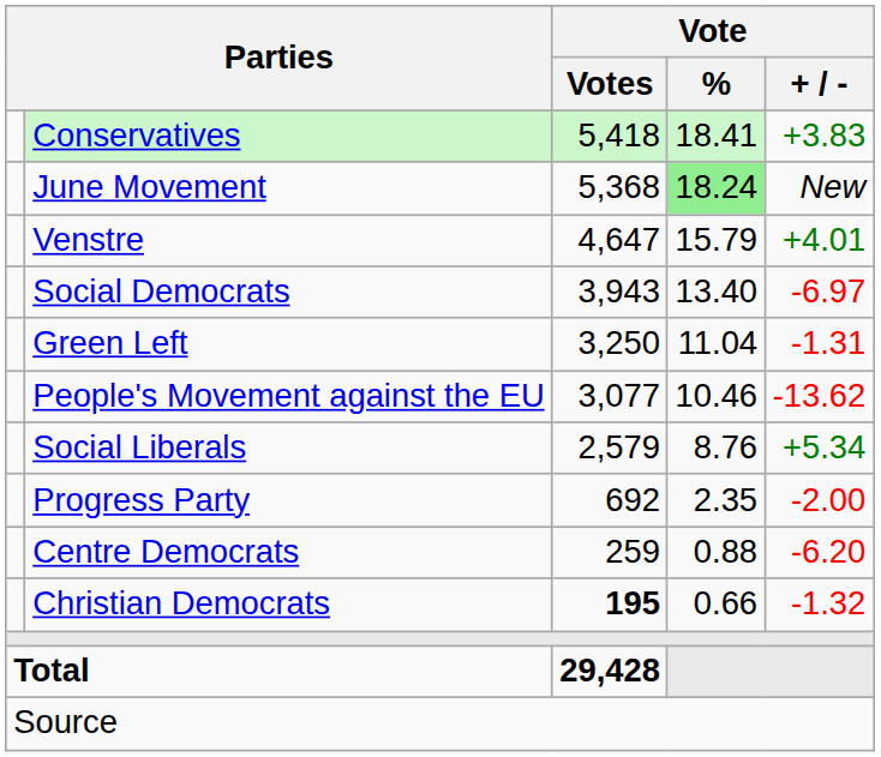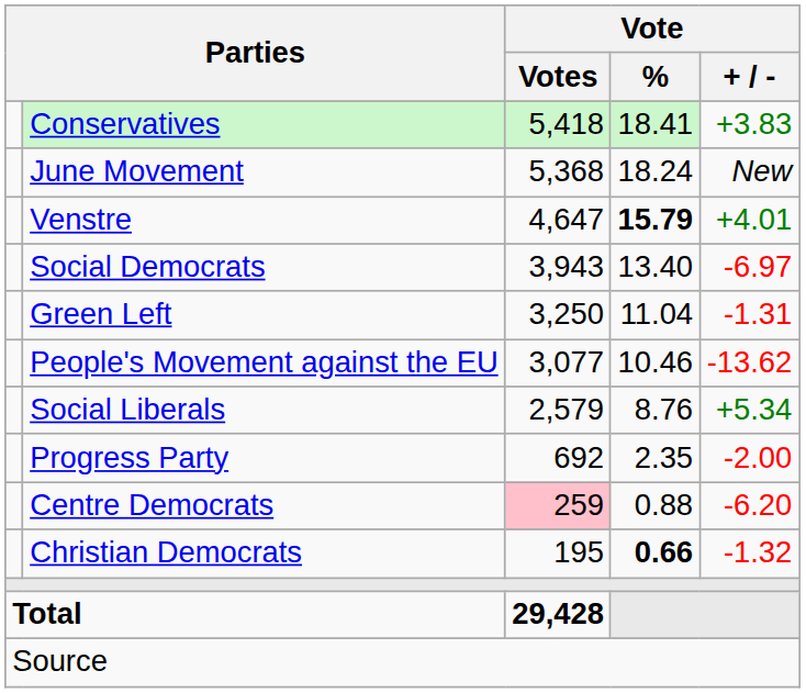 <table class="wikitable" style="text-align:right;">
 <tr>
 <th style="text-align:centre;" rowspan="2" colspan="2" width="225">Parties</th>
 <th colspan="3">Vote</th>
 </tr>
 <tr>
 <th width="15">Votes</th>
 <th width="15">%</th>
 <th width="15">+ / -</th>
 </tr>
 <tr>
 <td width="2" style="color:inherit;background:"></td>
 <td bgcolor=#ccf7cc   align="left"><a href='#'>Conservatives</a></td>
 <td bgcolor=#ccf7cc>5,418</td>
 <td bgcolor=#ccf7cc>18.41</td>
 <td style=color:green;>+3.83</td>
 </tr>
 <tr>
 <td width="2" style="color:inherit;background:"></td>
 <td align="left"><a href='#'>June Movement</a></td>
 <td>5,368</td>
-<td style="background: lightgreen;">18.24</td>
+<td>18.24</td>
 <td><em>New</em></td>
 </tr>
 <tr>
 <td width="2" style="color:inherit;background:"></td>
 <td align="left"><a href='#'>Venstre</a></td>
 <td>4,647</td>
-<td>15.79</td>
+<td><strong>15.79</strong></td>
 <td style=color:green;>+4.01</td>
 </tr>
 <tr>
 <td width="2" style="color:inherit;background:"></td>
 <td align="left"><a href='#'>Social Democrats</a></td>
 <td>3,943</td>
 <td>13.40</td>
 <td style=color:red;>-6.97</td>
 </tr>
 <tr>
 <td width="2" style="color:inherit;background:"></td>
 <td align="left"><a href='#'>Green Left</a></td>
 <td>3,250</td>
 <td>11.04</td>
 <td style=color:red;>-1.31</td>
 </tr>
 <tr>
 <td width="2" style="color:inherit;background:"></td>
 <td align="left"><a href='#'>People's Movement against the EU</a></td>
 <td>3,077</td>
 <td>10.46</td>
 <td style=color:red;>-13.62</td>
 </tr>
 <tr>
 <td width="2" style="color:inherit;background:"></td>
 <td align="left"><a href='#'>Social Liberals</a></td>
 <td>2,579</td>
 <td>8.76</td>
 <td style=color:green;>+5.34</td>
 </tr>
 <tr>
 <td width="2" style="color:inherit;background:"></td>
 <td align="left"><a href='#'>Progress Party</a></td>
 <td>692</td>
 <td>2.35</td>
 <td style=color:red;>-2.00</td>
 </tr>
 <tr>
 <td width="2" style="color:inherit;background:"></td>
 <td align="left"><a href='#'>Centre Democrats</a></td>
-<td>259</td>
+<td style="background: pink;">259</td>
 <td>0.88</td>
 <td style=color:red;>-6.20</td>
 </tr>
 <tr>
 <td width="2" style="color:inherit;background:"></td>
 <td align="left"><a href='#'>Christian Democrats</a></td>
-<td><strong>195</strong></td>
-<td>0.66</td>
+<td>195</td>
+<td><strong>0.66</strong></td>
 <td style=color:red;>-1.32</td>
 </tr>
 <tr>
 <td colspan="7" bgcolor="#E9E9E9"></td>
 </tr>
 <tr>
 <td align="left" colspan="2"><strong>Total</strong></td>
 <td><strong>29,428</strong></td>
 <td bgcolor="#E9E9E9" colspan="2"></td>
 </tr>
 <tr>
 <td align="left" colspan="6">Source</td>
 </tr>
 </table>
